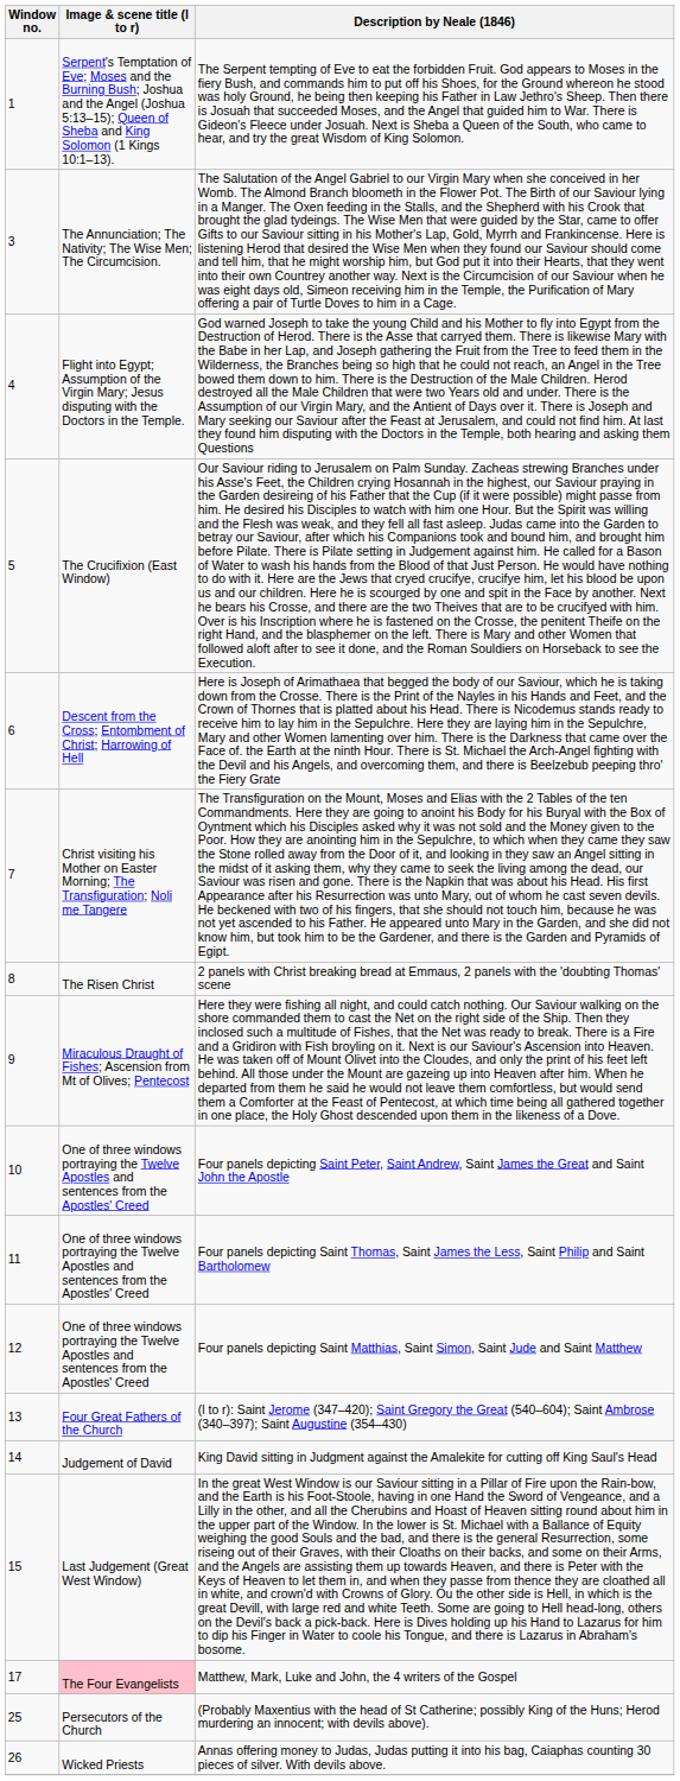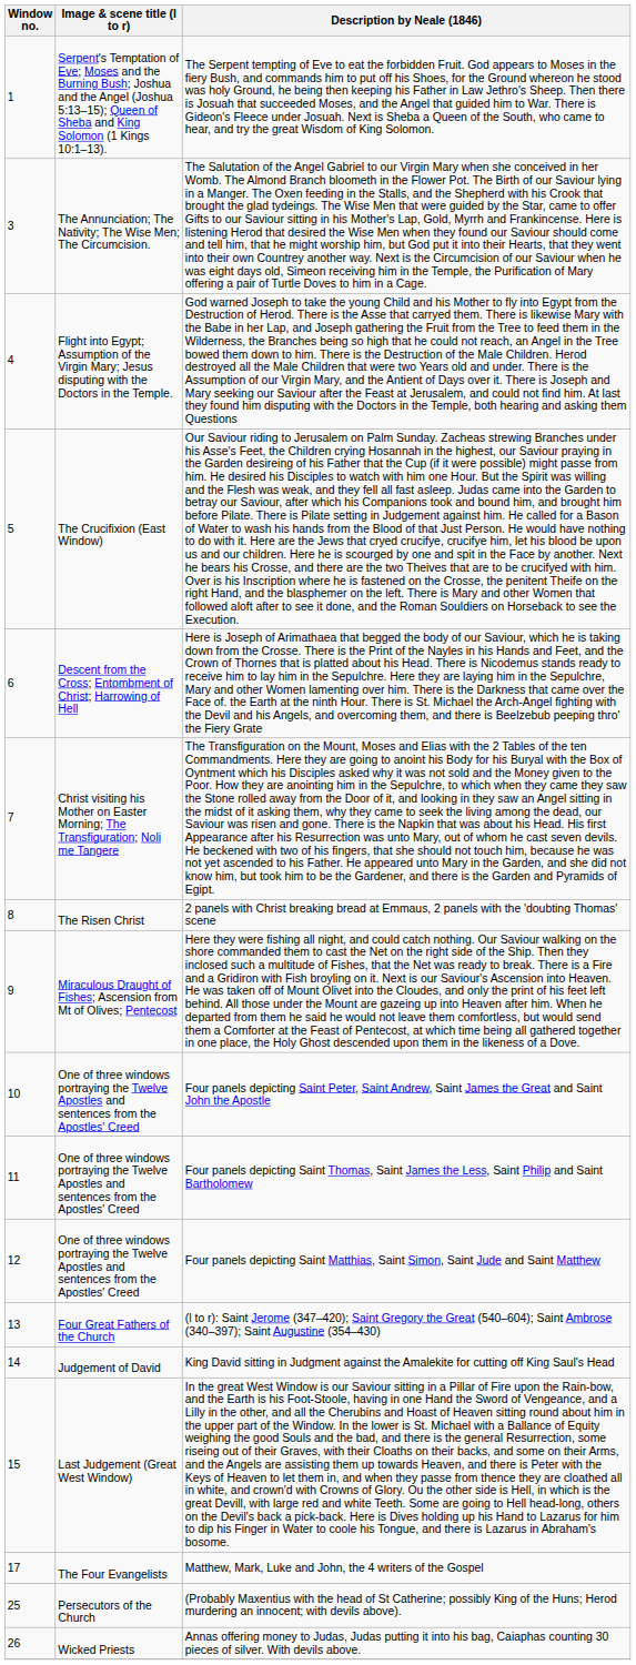 <table class="wikitable">
 <tr>
 <th>Window no.</th>
 <th>Image & scene title (l to r)</th>
 <th>Description by Neale (1846)</th>
 </tr>
 <tr>
 <td>1</td>
 <td><br><a href='#'>Serpent</a>'s Temptation of <a href='#'>Eve</a>; <a href='#'>Moses</a> and the <a href='#'>Burning Bush</a>; Joshua and the Angel (Joshua 5:13–15); <a href='#'>Queen of Sheba</a> and <a href='#'>King Solomon</a> (1 Kings 10:1–13).</td>
 <td>The Serpent tempting of Eve to eat the forbidden Fruit. God appears to Moses in the fiery Bush, and commands him to put off his Shoes, for the Ground whereon he stood was holy Ground, he being then keeping his Father in Law Jethro's Sheep. Then there is Josuah that succeeded Moses, and the Angel that guided him to War. There is Gideon's Fleece under Josuah. Next is Sheba a Queen of the South, who came to hear, and try the great Wisdom of King Solomon.</td>
 </tr>
 <tr>
 <td>3</td>
 <td><br>The Annunciation; The Nativity; The Wise Men; The Circumcision.</td>
 <td>The Salutation of the Angel Gabriel to our Virgin Mary when she conceived in her Womb. The Almond Branch bloometh in the Flower Pot. The Birth of our Saviour lying in a Manger. The Oxen feeding in the Stalls, and the Shepherd with his Crook that brought the glad tydeings. The Wise Men that were guided by the Star, came to offer Gifts to our Saviour sitting in his Mother's Lap, Gold, Myrrh and Frankincense. Here is listening Herod that desired the Wise Men when they found our Saviour should come and tell him, that he might worship him, but God put it into their Hearts, that they went into their own Countrey another way. Next is the Circumcision of our Saviour when he was eight days old, Simeon receiving him in the Temple, the Purification of Mary offering a pair of Turtle Doves to him in a Cage.</td>
 </tr>
 <tr>
 <td>4</td>
 <td><br>Flight into Egypt;  Assumption of the Virgin Mary; Jesus disputing with the Doctors in the Temple.</td>
 <td>God warned Joseph to take the young Child and his Mother to fly into Egypt from the Destruction of Herod. There is the Asse that carryed them. There is likewise Mary with the Babe in her Lap, and Joseph gathering the Fruit from the Tree to feed them in the Wilderness, the Branches being so high that he could not reach, an Angel in the Tree bowed them down to him. There is the Destruction of the Male Children. Herod destroyed all the Male Children that were two Years old and under. There is the Assumption of our Virgin Mary, and the Antient of Days over it. There is Joseph and Mary seeking our Saviour after the Feast at Jerusalem, and could not find him. At last they found him disputing with the Doctors in the Temple, both hearing and asking them Questions</td>
 </tr>
 <tr>
 <td>5</td>
 <td><br>The Crucifixion (East Window)</td>
 <td>Our Saviour riding to Jerusalem on Palm Sunday. Zacheas strewing Branches under his Asse's Feet, the Children crying Hosannah in the highest, our Saviour praying in the Garden desireing of his Father that the Cup (if it were possible) might passe from him. He desired his Disciples to watch with him one Hour. But the Spirit was willing and the Flesh was weak, and they fell all fast asleep. Judas came into the Garden to betray our Saviour, after which his Companions took and bound him, and brought him before Pilate. There is Pilate setting in Judgement against him. He called for a Bason of Water to wash his hands from the Blood of that Just Person. He would have nothing to do with it. Here are the Jews that cryed crucifye, crucifye him, let his blood be upon us and our children. Here he is scourged by one and spit in the Face by another. Next he bears his Crosse, and there are the two Theives that are to be crucifyed with him. Over is his Inscription where he is fastened on the Crosse, the penitent Theife on the right Hand, and the blasphemer on the left. There is Mary and other Women that followed aloft after to see it done, and the Roman Souldiers on Horseback to see the Execution.</td>
 </tr>
 <tr>
 <td>6</td>
 <td><br><a href='#'>Descent from the Cross</a>; <a href='#'>Entombment of Christ</a>; <a href='#'>Harrowing of Hell</a></td>
 <td>Here is Joseph of Arimathaea that begged the body of our Saviour, which he is taking down from the Crosse. There is the Print of the Nayles in his Hands and Feet, and the Crown of Thornes that is platted about his Head. There is Nicodemus stands ready to receive him to lay him in the Sepulchre. Here they are laying him in the Sepulchre, Mary and other Women lamenting over him. There is the Darkness that came over the Face of. the Earth at the ninth Hour. There is St. Michael the Arch-Angel fighting with the Devil and his Angels, and overcoming them, and there is Beelzebub peeping thro' the Fiery Grate</td>
 </tr>
 <tr>
 <td>7</td>
 <td><br>Christ visiting his Mother on Easter Morning; <a href='#'>The Transfiguration</a>; <a href='#'>Noli me Tangere</a></td>
 <td>The Transfiguration on the Mount, Moses and Elias with the 2 Tables of the ten Commandments. Here they are going to anoint his Body for his Buryal with the Box of Oyntment which his Disciples asked why it was not sold and the Money given to the Poor. How they are anointing him in the Sepulchre, to which when they came they saw the Stone rolled away from the Door of it, and looking in they saw an Angel sitting in the midst of it asking them, why they came to seek the living among the dead, our Saviour was risen and gone. There is the Napkin that was about his Head. His first Appearance after his Resurrection was unto Mary, out of whom he cast seven devils. He beckened with two of his fingers, that she should not touch him, because he was not yet ascended to his Father. He appeared unto Mary in the Garden, and she did not know him, but took him to be the Gardener, and there is the Garden and Pyramids of Egipt.</td>
 </tr>
 <tr>
 <td>8</td>
 <td><br>The Risen Christ</td>
 <td>2 panels with Christ breaking bread at Emmaus, 2 panels with the 'doubting Thomas' scene</td>
 </tr>
 <tr>
 <td>9</td>
 <td><br><a href='#'>Miraculous Draught of Fishes</a>; Ascension from Mt of Olives; <a href='#'>Pentecost</a></td>
 <td>Here they were fishing all night, and could catch nothing. Our Saviour walking on the shore commanded them to cast the Net on the right side of the Ship. Then they inclosed such a multitude of Fishes, that the Net was ready to break. There is a Fire and a Gridiron with Fish broyling on it. Next is our Saviour's Ascension into Heaven. He was taken off of Mount Olivet into the Cloudes, and only the print of his feet left behind. All those under the Mount are gazeing up into Heaven after him. When he departed from them he said he would not leave them comfortless, but would send them a Comforter at the Feast of Pentecost, at which time being all gathered together in one place, the Holy Ghost descended upon them in the likeness of a Dove.</td>
 </tr>
 <tr>
 <td>10</td>
 <td><br>One of three windows portraying the <a href='#'>Twelve Apostles</a> and sentences from the <a href='#'>Apostles' Creed</a></td>
 <td>Four panels depicting <a href='#'>Saint Peter</a>, <a href='#'>Saint Andrew</a>, Saint <a href='#'>James the Great</a> and Saint <a href='#'>John the Apostle</a></td>
 </tr>
 <tr>
 <td>11</td>
 <td><br>One of three windows portraying the Twelve Apostles and sentences from the Apostles' Creed</td>
 <td>Four panels depicting Saint <a href='#'>Thomas</a>, Saint <a href='#'>James the Less</a>, Saint <a href='#'>Philip</a> and Saint <a href='#'>Bartholomew</a></td>
 </tr>
 <tr>
 <td>12</td>
 <td><br>One of three windows portraying the Twelve Apostles and sentences from the Apostles' Creed</td>
 <td>Four panels depicting Saint <a href='#'>Matthias</a>, Saint <a href='#'>Simon</a>, Saint <a href='#'>Jude</a> and Saint <a href='#'>Matthew</a></td>
 </tr>
 <tr>
 <td>13</td>
 <td><br><a href='#'>Four Great Fathers of the Church</a></td>
 <td>(l to r): Saint <a href='#'>Jerome</a> (347–420); <a href='#'>Saint Gregory the Great</a> (540–604); Saint <a href='#'>Ambrose</a> (340–397); Saint <a href='#'>Augustine</a> (354–430)</td>
 </tr>
 <tr>
 <td>14</td>
 <td><br>Judgement of David</td>
 <td>King David sitting in Judgment against the Amalekite for cutting off King Saul's Head</td>
 </tr>
 <tr>
 <td>15</td>
 <td><br>Last Judgement (Great West Window)</td>
 <td>In the great West Window is our Saviour sitting in a Pillar of Fire upon the Rain-bow, and the Earth is his Foot-Stoole, having in one Hand the Sword of Vengeance, and a Lilly in the other, and all the Cherubins and Hoast of Heaven sitting round about him in the upper part of the Window. In the lower is St. Michael with a Ballance of Equity weighing the good Souls and the bad, and there is the general Resurrection, some riseing out of their Graves, with their Cloaths on their backs, and some on their Arms, and the Angels are assisting them up towards Heaven, and there is Peter with the Keys of Heaven to let them in, and when they passe from thence they are cloathed all in white, and crown'd with Crowns of Glory. Ou the other side is Hell, in which is the great Devill, with large red and white Teeth. Some are going to Hell head-long, others on the Devil's back a pick-back. Here is Dives holding up his Hand to Lazarus for him to dip his Finger in Water to coole his Tongue, and there is Lazarus in Abraham's bosome.</td>
 </tr>
 <tr>
 <td>17</td>
-<td style="background: pink;"><br>The Four Evangelists</td>
+<td><br>The Four Evangelists</td>
 <td>Matthew, Mark, Luke and John, the 4 writers of the Gospel</td>
 </tr>
 <tr>
 <td>25</td>
 <td><br>Persecutors of the Church</td>
 <td>(Probably Maxentius with the head of St Catherine; possibly King of the Huns; Herod murdering an innocent; with devils above).</td>
 </tr>
 <tr>
 <td>26</td>
 <td><br>Wicked Priests</td>
 <td>Annas offering money to Judas, Judas putting it into his bag, Caiaphas counting 30 pieces of silver. With devils above.</td>
 </tr>
 <tr>
 </tr>
 </table>
